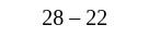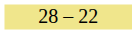 <table style="text-align:center">
 <tr>
 <th width=200></th>
 <th width=100></th>
 <th width=200></th>
 </tr>
 <tr>
 <td align=right><strong></strong></td>
-<td>28 – 22</td>
+<td style="background: khaki;">28 – 22</td>
 <td align=left></td>
 </tr>
 </table>
